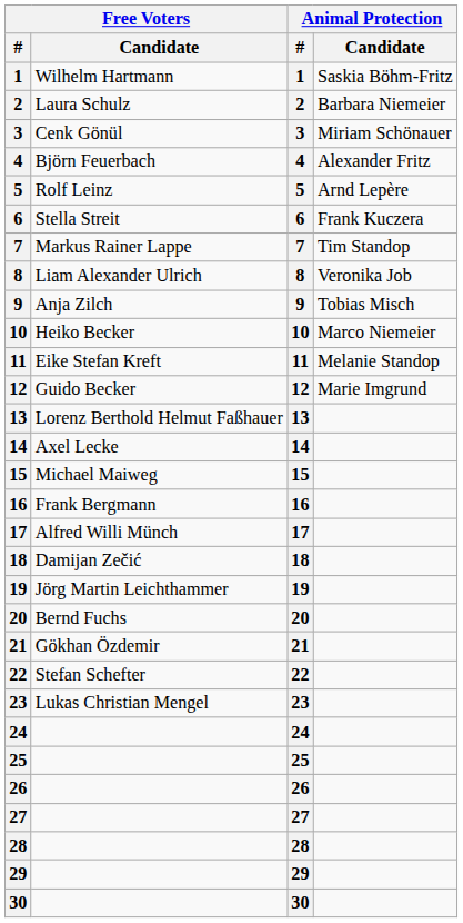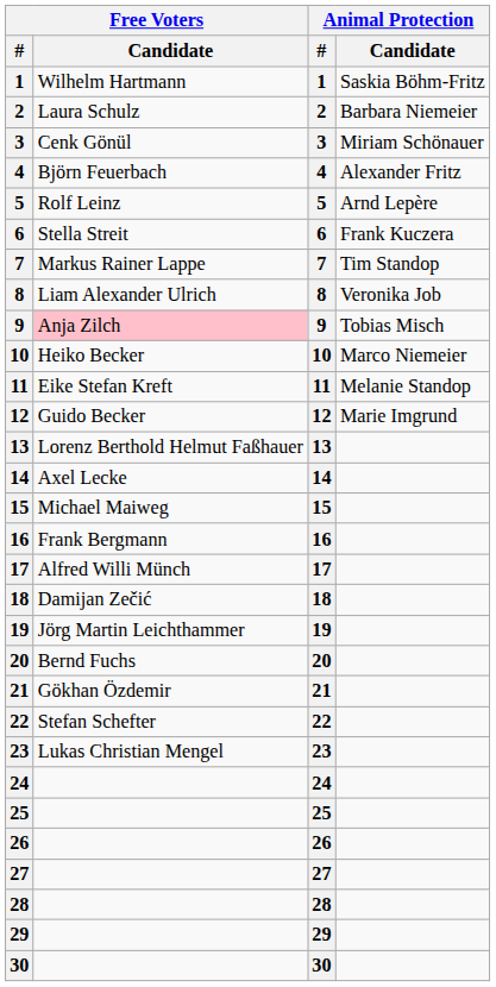 <table class="wikitable">
 <tr>
 <th colspan="2"><a href='#'>Free Voters</a></th>
 <th colspan="2"><a href='#'>Animal Protection</a></th>
 </tr>
 <tr>
 <th>#</th>
 <th>Candidate</th>
 <th>#</th>
 <th>Candidate</th>
 </tr>
 <tr>
 <th>1</th>
 <td>Wilhelm Hartmann</td>
 <th>1</th>
 <td>Saskia Böhm-Fritz</td>
 </tr>
 <tr>
 <th colspan="1">2</th>
 <td colspan="1">Laura Schulz</td>
 <th colspan="1">2</th>
 <td colspan="1">Barbara Niemeier</td>
 </tr>
 <tr>
 <th colspan="1">3</th>
 <td colspan="1">Cenk Gönül</td>
 <th colspan="1">3</th>
 <td colspan="1">Miriam Schönauer</td>
 </tr>
 <tr>
 <th colspan="1">4</th>
 <td colspan="1">Björn Feuerbach</td>
 <th colspan="1">4</th>
 <td colspan="1">Alexander Fritz</td>
 </tr>
 <tr>
 <th colspan="1">5</th>
 <td colspan="1">Rolf Leinz</td>
 <th colspan="1">5</th>
 <td colspan="1">Arnd Lepère</td>
 </tr>
 <tr>
 <th colspan="1">6</th>
 <td colspan="1">Stella Streit</td>
 <th colspan="1">6</th>
 <td colspan="1">Frank Kuczera</td>
 </tr>
 <tr>
 <th colspan="1">7</th>
 <td colspan="1">Markus Rainer Lappe</td>
 <th colspan="1">7</th>
 <td colspan="1">Tim Standop</td>
 </tr>
 <tr>
 <th colspan="1">8</th>
 <td colspan="1">Liam Alexander Ulrich</td>
 <th colspan="1">8</th>
 <td colspan="1">Veronika Job</td>
 </tr>
 <tr>
 <th colspan="1">9</th>
-<td colspan="1">Anja Zilch</td>
+<td colspan="1" style="background: pink;">Anja Zilch</td>
 <th colspan="1">9</th>
 <td colspan="1">Tobias Misch</td>
 </tr>
 <tr>
 <th colspan="1">10</th>
 <td colspan="1">Heiko Becker</td>
 <th colspan="1">10</th>
 <td colspan="1">Marco Niemeier</td>
 </tr>
 <tr>
 <th>11</th>
 <td>Eike Stefan Kreft</td>
 <th>11</th>
 <td>Melanie Standop</td>
 </tr>
 <tr>
 <th>12</th>
 <td>Guido Becker</td>
 <th>12</th>
 <td>Marie Imgrund</td>
 </tr>
 <tr>
 <th colspan="1">13</th>
 <td>Lorenz Berthold Helmut Faßhauer</td>
 <th colspan="1">13</th>
 <td></td>
 </tr>
 <tr>
 <th colspan="1">14</th>
 <td>Axel Lecke</td>
 <th colspan="1">14</th>
 <td></td>
 </tr>
 <tr>
 <th colspan="1">15</th>
 <td>Michael Maiweg</td>
 <th colspan="1">15</th>
 <td></td>
 </tr>
 <tr>
 <th colspan="1">16</th>
 <td>Frank Bergmann</td>
 <th colspan="1">16</th>
 <td></td>
 </tr>
 <tr>
 <th colspan="1">17</th>
 <td>Alfred Willi Münch</td>
 <th colspan="1">17</th>
 <td></td>
 </tr>
 <tr>
 <th colspan="1">18</th>
 <td>Damijan Zečić</td>
 <th colspan="1">18</th>
 <td></td>
 </tr>
 <tr>
 <th colspan="1">19</th>
 <td>Jörg Martin Leichthammer</td>
 <th colspan="1">19</th>
 <td></td>
 </tr>
 <tr>
 <th colspan="1">20</th>
 <td>Bernd Fuchs</td>
 <th colspan="1">20</th>
 <td></td>
 </tr>
 <tr>
 <th colspan="1">21</th>
 <td>Gökhan Özdemir</td>
 <th colspan="1">21</th>
 <td></td>
 </tr>
 <tr>
 <th colspan="1">22</th>
 <td>Stefan Schefter</td>
 <th colspan="1">22</th>
 <td></td>
 </tr>
 <tr>
 <th colspan="1">23</th>
 <td>Lukas Christian Mengel</td>
 <th colspan="1">23</th>
 <td></td>
 </tr>
 <tr>
 <th colspan="1">24</th>
 <td></td>
 <th colspan="1">24</th>
 <td></td>
 </tr>
 <tr>
 <th colspan="1">25</th>
 <td></td>
 <th colspan="1">25</th>
 <td></td>
 </tr>
 <tr>
 <th colspan="1">26</th>
 <td></td>
 <th colspan="1">26</th>
 <td></td>
 </tr>
 <tr>
 <th>27</th>
 <td></td>
 <th>27</th>
 <td></td>
 </tr>
 <tr>
 <th colspan="1">28</th>
 <td></td>
 <th colspan="1">28</th>
 <td></td>
 </tr>
 <tr>
 <th colspan="1">29</th>
 <td></td>
 <th colspan="1">29</th>
 <td></td>
 </tr>
 <tr>
 <th colspan="1">30</th>
 <td></td>
 <th colspan="1">30</th>
 <td></td>
 </tr>
 </table>
